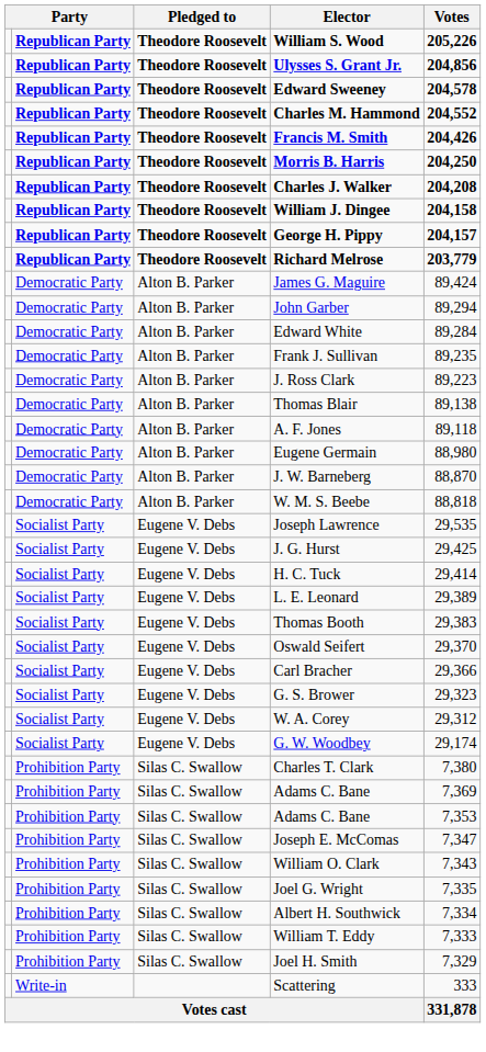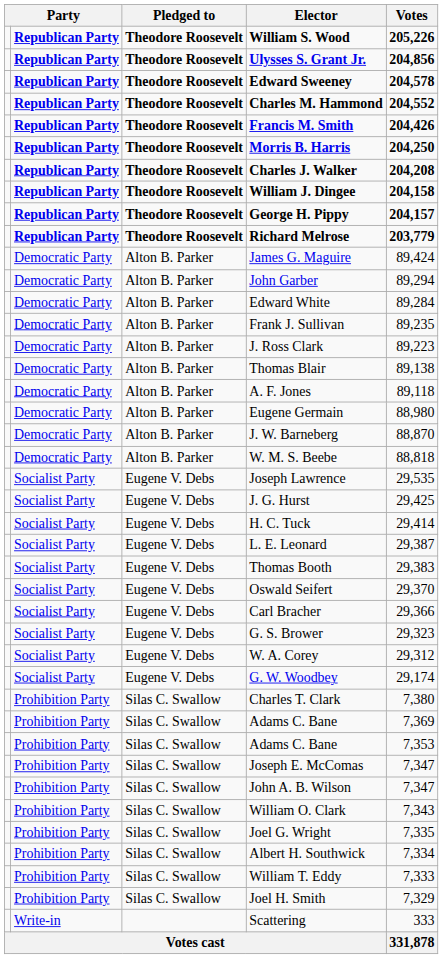 <table class="wikitable">
 <tr>
 <th colspan=2>Party</th>
 <th>Pledged to</th>
 <th>Elector</th>
 <th>Votes</th>
 </tr>
 <tr style="font-weight:bold">
 <td></td>
 <td><a href='#'>Republican Party</a></td>
 <td>Theodore Roosevelt</td>
 <td>William S. Wood</td>
 <td align=right>205,226</td>
 </tr>
 <tr style="font-weight:bold">
 <td></td>
 <td><a href='#'>Republican Party</a></td>
 <td>Theodore Roosevelt</td>
 <td><a href='#'>Ulysses S. Grant Jr.</a></td>
 <td align=right>204,856</td>
 </tr>
 <tr style="font-weight:bold">
 <td></td>
 <td><a href='#'>Republican Party</a></td>
 <td>Theodore Roosevelt</td>
 <td>Edward Sweeney</td>
 <td align=right>204,578</td>
 </tr>
 <tr style="font-weight:bold">
 <td></td>
 <td><a href='#'>Republican Party</a></td>
 <td>Theodore Roosevelt</td>
 <td>Charles M. Hammond</td>
 <td align=right>204,552</td>
 </tr>
 <tr style="font-weight:bold">
 <td></td>
 <td><a href='#'>Republican Party</a></td>
 <td>Theodore Roosevelt</td>
 <td><a href='#'>Francis M. Smith</a></td>
 <td align=right>204,426</td>
 </tr>
 <tr style="font-weight:bold">
 <td></td>
 <td><a href='#'>Republican Party</a></td>
 <td>Theodore Roosevelt</td>
 <td><a href='#'>Morris B. Harris</a></td>
 <td align=right>204,250</td>
 </tr>
 <tr style="font-weight:bold">
 <td></td>
 <td><a href='#'>Republican Party</a></td>
 <td>Theodore Roosevelt</td>
 <td>Charles J. Walker</td>
 <td align=right>204,208</td>
 </tr>
 <tr style="font-weight:bold">
 <td></td>
 <td><a href='#'>Republican Party</a></td>
 <td>Theodore Roosevelt</td>
 <td>William J. Dingee</td>
 <td align=right>204,158</td>
 </tr>
 <tr style="font-weight:bold">
 <td></td>
 <td><a href='#'>Republican Party</a></td>
 <td>Theodore Roosevelt</td>
 <td>George H. Pippy</td>
 <td align=right>204,157</td>
 </tr>
 <tr style="font-weight:bold">
 <td></td>
 <td><a href='#'>Republican Party</a></td>
 <td>Theodore Roosevelt</td>
 <td>Richard Melrose</td>
 <td align=right>203,779</td>
 </tr>
 <tr>
 <td bgcolor=></td>
 <td><a href='#'>Democratic Party</a></td>
 <td>Alton B. Parker</td>
 <td><a href='#'>James G. Maguire</a></td>
 <td align="right">89,424</td>
 </tr>
 <tr>
 <td bgcolor=></td>
 <td><a href='#'>Democratic Party</a></td>
 <td>Alton B. Parker</td>
 <td><a href='#'>John Garber</a></td>
 <td align="right">89,294</td>
 </tr>
 <tr>
 <td bgcolor=></td>
 <td><a href='#'>Democratic Party</a></td>
 <td>Alton B. Parker</td>
 <td>Edward White</td>
 <td align="right">89,284</td>
 </tr>
 <tr>
 <td bgcolor=></td>
 <td><a href='#'>Democratic Party</a></td>
 <td>Alton B. Parker</td>
 <td>Frank J. Sullivan</td>
 <td align="right">89,235</td>
 </tr>
 <tr>
 <td bgcolor=></td>
 <td><a href='#'>Democratic Party</a></td>
 <td>Alton B. Parker</td>
 <td>J. Ross Clark</td>
 <td align="right">89,223</td>
 </tr>
 <tr>
 <td bgcolor=></td>
 <td><a href='#'>Democratic Party</a></td>
 <td>Alton B. Parker</td>
 <td>Thomas Blair</td>
 <td align="right">89,138</td>
 </tr>
 <tr>
 <td bgcolor=></td>
 <td><a href='#'>Democratic Party</a></td>
 <td>Alton B. Parker</td>
 <td>A. F. Jones</td>
 <td align="right">89,118</td>
 </tr>
 <tr>
 <td bgcolor=></td>
 <td><a href='#'>Democratic Party</a></td>
 <td>Alton B. Parker</td>
 <td>Eugene Germain</td>
 <td align="right">88,980</td>
 </tr>
 <tr>
 <td bgcolor=></td>
 <td><a href='#'>Democratic Party</a></td>
 <td>Alton B. Parker</td>
 <td>J. W. Barneberg</td>
 <td align="right">88,870</td>
 </tr>
 <tr>
 <td bgcolor=></td>
 <td><a href='#'>Democratic Party</a></td>
 <td>Alton B. Parker</td>
 <td>W. M. S. Beebe</td>
 <td align="right">88,818</td>
 </tr>
 <tr>
 <td bgcolor=></td>
 <td><a href='#'>Socialist Party</a></td>
 <td>Eugene V. Debs</td>
 <td>Joseph Lawrence</td>
 <td align="right">29,535</td>
 </tr>
 <tr>
 <td bgcolor=></td>
 <td><a href='#'>Socialist Party</a></td>
 <td>Eugene V. Debs</td>
 <td>J. G. Hurst</td>
 <td align="right">29,425</td>
 </tr>
 <tr>
 <td bgcolor=></td>
 <td><a href='#'>Socialist Party</a></td>
 <td>Eugene V. Debs</td>
 <td>H. C. Tuck</td>
 <td align="right">29,414</td>
 </tr>
 <tr>
 <td bgcolor=></td>
 <td><a href='#'>Socialist Party</a></td>
 <td>Eugene V. Debs</td>
 <td>L. E. Leonard</td>
-<td align="right">29,389</td>
+<td align="right">29,387</td>
 </tr>
 <tr>
 <td bgcolor=></td>
 <td><a href='#'>Socialist Party</a></td>
 <td>Eugene V. Debs</td>
 <td>Thomas Booth</td>
 <td align="right">29,383</td>
 </tr>
 <tr>
 <td bgcolor=></td>
 <td><a href='#'>Socialist Party</a></td>
 <td>Eugene V. Debs</td>
 <td>Oswald Seifert</td>
 <td align="right">29,370</td>
 </tr>
 <tr>
 <td bgcolor=></td>
 <td><a href='#'>Socialist Party</a></td>
 <td>Eugene V. Debs</td>
 <td>Carl Bracher</td>
 <td align="right">29,366</td>
 </tr>
 <tr>
 <td bgcolor=></td>
 <td><a href='#'>Socialist Party</a></td>
 <td>Eugene V. Debs</td>
 <td>G. S. Brower</td>
 <td align="right">29,323</td>
 </tr>
 <tr>
 <td bgcolor=></td>
 <td><a href='#'>Socialist Party</a></td>
 <td>Eugene V. Debs</td>
 <td>W. A. Corey</td>
 <td align="right">29,312</td>
 </tr>
 <tr>
 <td bgcolor=></td>
 <td><a href='#'>Socialist Party</a></td>
 <td>Eugene V. Debs</td>
 <td><a href='#'>G. W. Woodbey</a></td>
 <td align="right">29,174</td>
 </tr>
 <tr>
 <td></td>
 <td><a href='#'>Prohibition Party</a></td>
 <td>Silas C. Swallow</td>
 <td>Charles T. Clark</td>
 <td align="right">7,380</td>
 </tr>
 <tr>
 <td></td>
 <td><a href='#'>Prohibition Party</a></td>
 <td>Silas C. Swallow</td>
 <td>Adams C. Bane</td>
 <td align="right">7,369</td>
 </tr>
 <tr>
 <td></td>
 <td><a href='#'>Prohibition Party</a></td>
 <td>Silas C. Swallow</td>
 <td>Adams C. Bane</td>
 <td align="right">7,353</td>
 </tr>
 <tr>
 <td></td>
 <td><a href='#'>Prohibition Party</a></td>
 <td>Silas C. Swallow</td>
 <td>Joseph E. McComas</td>
 <td align="right">7,347</td>
 </tr>
 <tr>
 <td></td>
 <td><a href='#'>Prohibition Party</a></td>
 <td>Silas C. Swallow</td>
+<td>John A. B. Wilson</td>
+<td align="right">7,347</td>
+</tr>
+<tr>
+<td></td>
+<td><a href='#'>Prohibition Party</a></td>
+<td>Silas C. Swallow</td>
 <td>William O. Clark</td>
 <td align="right">7,343</td>
 </tr>
 <tr>
 <td></td>
 <td><a href='#'>Prohibition Party</a></td>
 <td>Silas C. Swallow</td>
 <td>Joel G. Wright</td>
 <td align="right">7,335</td>
 </tr>
 <tr>
 <td></td>
 <td><a href='#'>Prohibition Party</a></td>
 <td>Silas C. Swallow</td>
 <td>Albert H. Southwick</td>
 <td align="right">7,334</td>
 </tr>
 <tr>
 <td></td>
 <td><a href='#'>Prohibition Party</a></td>
 <td>Silas C. Swallow</td>
 <td>William T. Eddy</td>
 <td align="right">7,333</td>
 </tr>
 <tr>
 <td></td>
 <td><a href='#'>Prohibition Party</a></td>
 <td>Silas C. Swallow</td>
 <td>Joel H. Smith</td>
 <td align="right">7,329</td>
 </tr>
 <tr>
 <td></td>
 <td><a href='#'>Write-in</a></td>
 <td></td>
 <td>Scattering</td>
 <td align="right">333</td>
 </tr>
 <tr>
 <th colspan="4">Votes cast</th>
 <th>331,878</th>
 </tr>
 </table>
